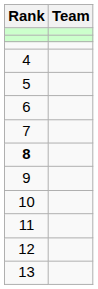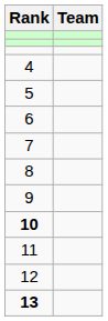 <table class="wikitable" style="text-align: center;">
 <tr>
 <th width=40>Rank</th>
 <th>Team</th>
 </tr>
 <tr bgcolor=#ccffcc>
 <td></td>
 <td align=left></td>
 </tr>
 <tr bgcolor=#ccffcc>
 <td></td>
 <td align=left></td>
 </tr>
 <tr>
 <td></td>
 <td align=left></td>
 </tr>
 <tr>
 <td>4</td>
 <td align=left></td>
 </tr>
 <tr>
 <td>5</td>
 <td align=left></td>
 </tr>
 <tr>
 <td>6</td>
 <td align=left></td>
 </tr>
 <tr>
 <td>7</td>
 <td align=left></td>
 </tr>
 <tr>
-<td><strong>8</strong></td>
+<td>8</td>
 <td align=left></td>
 </tr>
 <tr>
 <td>9</td>
 <td align=left></td>
 </tr>
 <tr>
-<td>10</td>
+<td><strong>10</strong></td>
 <td align=left></td>
 </tr>
 <tr>
 <td>11</td>
 <td align=left></td>
 </tr>
 <tr>
 <td>12</td>
 <td align=left></td>
 </tr>
 <tr>
-<td>13</td>
+<td><strong>13</strong></td>
 <td align=left></td>
 </tr>
 </table>
